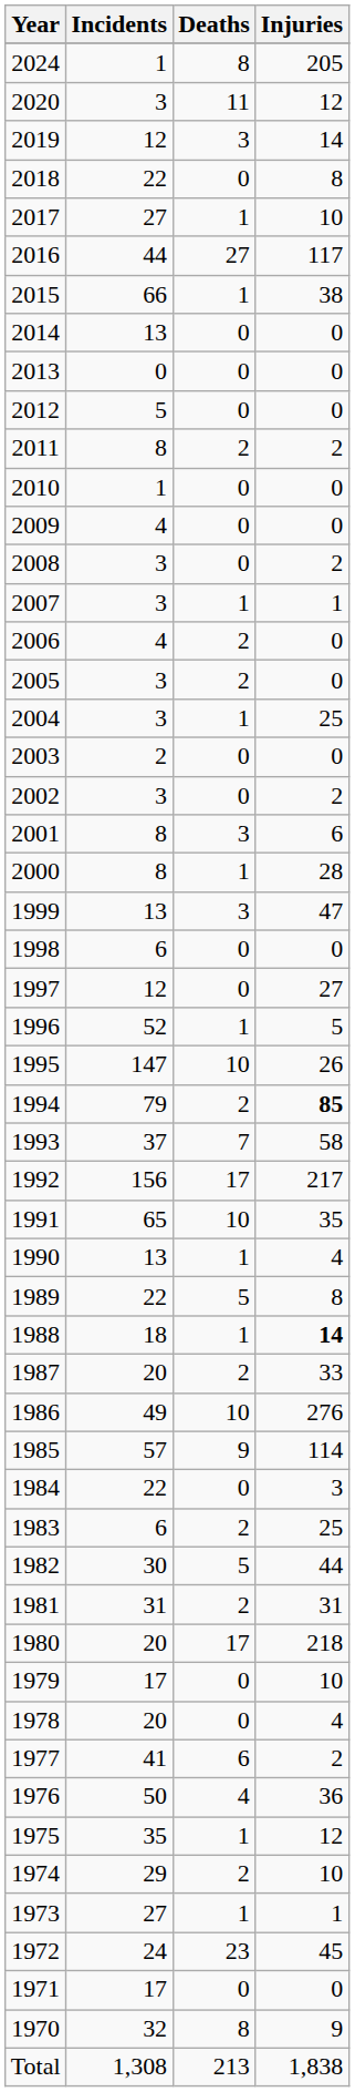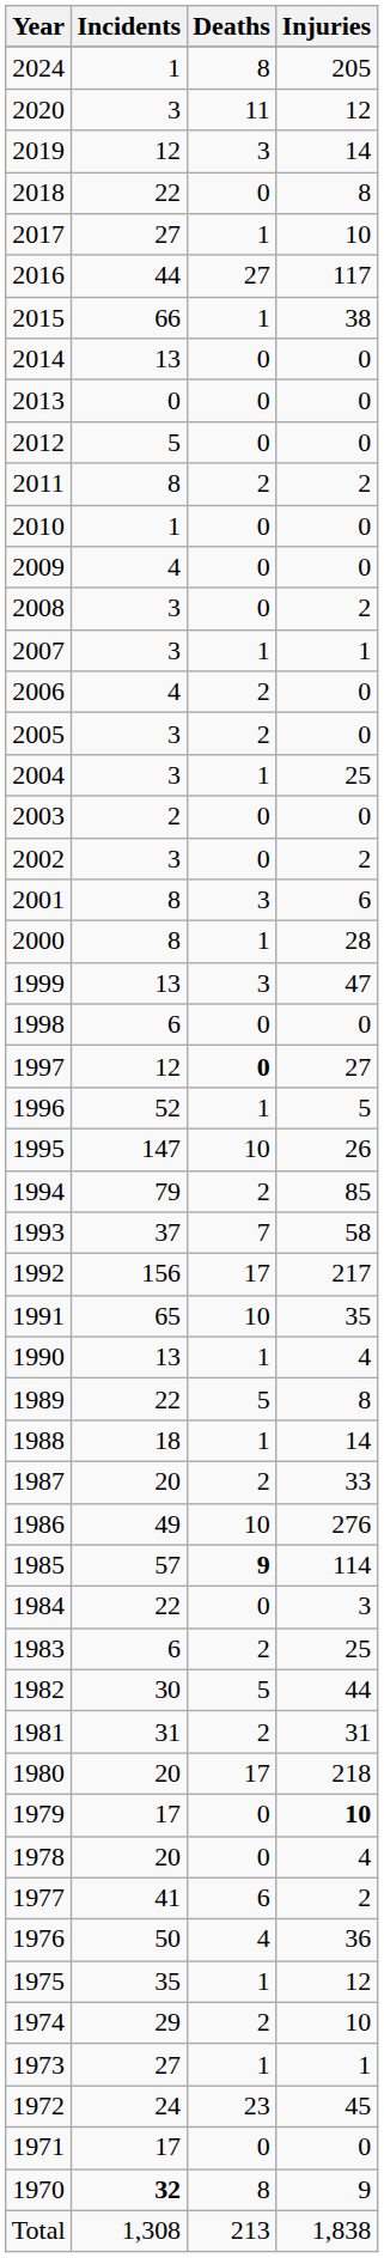 <table class="wikitable sortable collapsible collapsed floatright" style="text-align:right">
 <tr style="background:#ececec; vertical-align:top;">
 <th>Year</th>
 <th>Incidents</th>
 <th>Deaths</th>
 <th>Injuries</th>
 </tr>
 <tr>
 </tr>
 <tr align=center|2025||1||unknown||unknown>
 </tr>
 <tr>
 <td align=center>2024</td>
 <td>1</td>
 <td>8</td>
 <td>205</td>
 </tr>
 <tr>
 <td align=center>2020</td>
 <td>3</td>
 <td>11</td>
 <td>12</td>
 </tr>
 <tr>
 <td align=center>2019</td>
 <td>12</td>
 <td>3</td>
 <td>14</td>
 </tr>
 <tr>
 <td align=center>2018</td>
 <td>22</td>
 <td>0</td>
 <td>8</td>
 </tr>
 <tr>
 <td align=center>2017</td>
 <td>27</td>
 <td>1</td>
 <td>10</td>
 </tr>
 <tr>
 <td align=center>2016</td>
 <td>44</td>
 <td>27</td>
 <td>117</td>
 </tr>
 <tr>
 <td align=center>2015</td>
 <td>66</td>
 <td>1</td>
 <td>38</td>
 </tr>
 <tr>
 <td align=center>2014</td>
 <td>13</td>
 <td>0</td>
 <td>0</td>
 </tr>
 <tr>
 <td align=center>2013</td>
 <td>0</td>
 <td>0</td>
 <td>0</td>
 </tr>
 <tr>
 <td align=center>2012</td>
 <td>5</td>
 <td>0</td>
 <td>0</td>
 </tr>
 <tr>
 <td align=center>2011</td>
 <td>8</td>
 <td>2</td>
 <td>2</td>
 </tr>
 <tr>
 <td align=center>2010</td>
 <td>1</td>
 <td>0</td>
 <td>0</td>
 </tr>
 <tr>
 <td align=center>2009</td>
 <td>4</td>
 <td>0</td>
 <td>0</td>
 </tr>
 <tr>
 <td align=center>2008</td>
 <td>3</td>
 <td>0</td>
 <td>2</td>
 </tr>
 <tr>
 <td align=center>2007</td>
 <td>3</td>
 <td>1</td>
 <td>1</td>
 </tr>
 <tr>
 <td align=center>2006</td>
 <td>4</td>
 <td>2</td>
 <td>0</td>
 </tr>
 <tr>
 <td align=center>2005</td>
 <td>3</td>
 <td>2</td>
 <td>0</td>
 </tr>
 <tr>
 <td align=center>2004</td>
 <td>3</td>
 <td>1</td>
 <td>25</td>
 </tr>
 <tr>
 <td align=center>2003</td>
 <td>2</td>
 <td>0</td>
 <td>0</td>
 </tr>
 <tr>
 <td align=center>2002</td>
 <td>3</td>
 <td>0</td>
 <td>2</td>
 </tr>
 <tr>
 <td align=center>2001</td>
 <td>8</td>
 <td>3</td>
 <td>6</td>
 </tr>
 <tr>
 <td align=center>2000</td>
 <td>8</td>
 <td>1</td>
 <td>28</td>
 </tr>
 <tr>
 <td align=center>1999</td>
 <td>13</td>
 <td>3</td>
 <td>47</td>
 </tr>
 <tr>
 <td align=center>1998</td>
 <td>6</td>
 <td>0</td>
 <td>0</td>
 </tr>
 <tr>
 <td align=center>1997</td>
 <td>12</td>
-<td>0</td>
+<td><strong>0</strong></td>
 <td>27</td>
 </tr>
 <tr>
 <td align=center>1996</td>
 <td>52</td>
 <td>1</td>
 <td>5</td>
 </tr>
 <tr>
 <td align=center>1995</td>
 <td>147</td>
 <td>10</td>
 <td>26</td>
 </tr>
 <tr>
 <td align=center>1994</td>
 <td>79</td>
 <td>2</td>
-<td><strong>85</strong></td>
+<td>85</td>
 </tr>
 <tr>
 <td align=center>1993</td>
 <td>37</td>
 <td>7</td>
 <td>58</td>
 </tr>
 <tr>
 <td align=center>1992</td>
 <td>156</td>
 <td>17</td>
 <td>217</td>
 </tr>
 <tr>
 <td align=center>1991</td>
 <td>65</td>
 <td>10</td>
 <td>35</td>
 </tr>
 <tr>
 <td align=center>1990</td>
 <td>13</td>
 <td>1</td>
 <td>4</td>
 </tr>
 <tr>
 <td align=center>1989</td>
 <td>22</td>
 <td>5</td>
 <td>8</td>
 </tr>
 <tr>
 <td align=center>1988</td>
 <td>18</td>
 <td>1</td>
-<td><strong>14</strong></td>
+<td>14</td>
 </tr>
 <tr>
 <td align=center>1987</td>
 <td>20</td>
 <td>2</td>
 <td>33</td>
 </tr>
 <tr>
 <td align=center>1986</td>
 <td>49</td>
 <td>10</td>
 <td>276</td>
 </tr>
 <tr>
 <td align=center>1985</td>
 <td>57</td>
-<td>9</td>
+<td><strong>9</strong></td>
 <td>114</td>
 </tr>
 <tr>
 <td align=center>1984</td>
 <td>22</td>
 <td>0</td>
 <td>3</td>
 </tr>
 <tr>
 <td align=center>1983</td>
 <td>6</td>
 <td>2</td>
 <td>25</td>
 </tr>
 <tr>
 <td align=center>1982</td>
 <td>30</td>
 <td>5</td>
 <td>44</td>
 </tr>
 <tr>
 <td align=center>1981</td>
 <td>31</td>
 <td>2</td>
 <td>31</td>
 </tr>
 <tr>
 <td align=center>1980</td>
 <td>20</td>
 <td>17</td>
 <td>218</td>
 </tr>
 <tr>
 <td align=center>1979</td>
 <td>17</td>
 <td>0</td>
-<td>10</td>
+<td><strong>10</strong></td>
 </tr>
 <tr>
 <td align=center>1978</td>
 <td>20</td>
 <td>0</td>
 <td>4</td>
 </tr>
 <tr>
 <td align=center>1977</td>
 <td>41</td>
 <td>6</td>
 <td>2</td>
 </tr>
 <tr>
 <td align=center>1976</td>
 <td>50</td>
 <td>4</td>
 <td>36</td>
 </tr>
 <tr>
 <td align=center>1975</td>
 <td>35</td>
 <td>1</td>
 <td>12</td>
 </tr>
 <tr>
 <td align=center>1974</td>
 <td>29</td>
 <td>2</td>
 <td>10</td>
 </tr>
 <tr>
 <td align=center>1973</td>
 <td>27</td>
 <td>1</td>
 <td>1</td>
 </tr>
 <tr>
 <td align=center>1972</td>
 <td>24</td>
 <td>23</td>
 <td>45</td>
 </tr>
 <tr>
 <td align=center>1971</td>
 <td>17</td>
 <td>0</td>
 <td>0</td>
 </tr>
 <tr>
 <td align=center>1970</td>
-<td>32</td>
+<td><strong>32</strong></td>
 <td>8</td>
 <td>9</td>
 </tr>
 <tr>
 <td align=center>Total</td>
 <td>1,308</td>
 <td>213</td>
 <td>1,838</td>
 </tr>
 </table>
